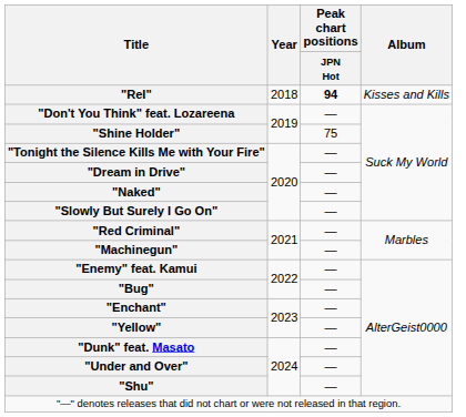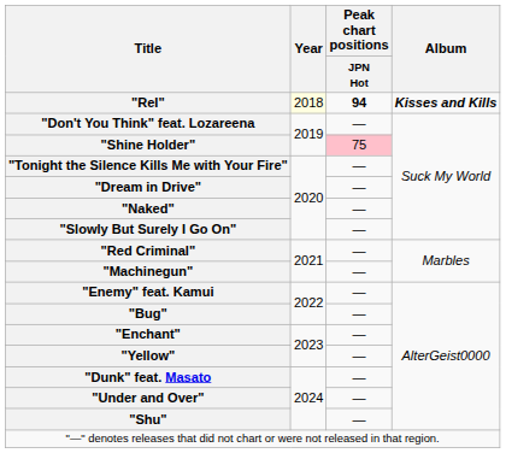 <table class="wikitable plainrowheaders" style="text-align:center;">
 <tr>
 <th scope="col" rowspan="2">Title</th>
 <th scope="col" rowspan="2">Year</th>
 <th scope="col" colspan="1">Peak <br> chart <br> positions</th>
 <th scope="col" rowspan="2">Album</th>
 </tr>
 <tr>
 <th scope="col"><small>JPN<br>Hot</small><br></th>
 </tr>
 <tr>
 <th scope="row">"ReI"</th>
-<td>2018</td>
+<td style="background: lightyellow;">2018</td>
 <td><strong>94</strong></td>
-<td><em>Kisses and Kills</em></td>
+<td><strong><em>Kisses and Kills</em></strong></td>
 </tr>
 <tr>
 <th scope="row">"Don't You Think" feat. Lozareena</th>
 <td rowspan="2">2019</td>
 <td>—</td>
 <td rowspan="6"><em>Suck My World</em></td>
 </tr>
 <tr>
 <th scope="row">"Shine Holder"</th>
-<td>75</td>
+<td style="background: pink;">75</td>
 </tr>
 <tr>
 <th scope="row">"Tonight the Silence Kills Me with Your Fire"</th>
 <td rowspan="4">2020</td>
 <td>—</td>
 </tr>
 <tr>
 <th scope="row">"Dream in Drive"</th>
 <td>—</td>
 </tr>
 <tr>
 <th scope="row">"Naked"</th>
 <td>—</td>
 </tr>
 <tr>
 <th scope="row">"Slowly But Surely I Go On"</th>
 <td>—</td>
 </tr>
 <tr>
 <th scope="row">"Red Criminal"</th>
 <td rowspan="2">2021</td>
 <td>—</td>
 <td rowspan="2"><em>Marbles</em></td>
 </tr>
 <tr>
 <th scope="row">"Machinegun"</th>
 <td>—</td>
 </tr>
 <tr>
 <th scope="row">"Enemy" feat. Kamui</th>
 <td rowspan="2">2022</td>
 <td>—</td>
 <td rowspan="7"><em>AlterGeist0000</em></td>
 </tr>
 <tr>
 <th scope="row">"Bug"</th>
 <td>—</td>
 </tr>
 <tr>
 <th scope="row">"Enchant"</th>
 <td rowspan="2">2023</td>
 <td>—</td>
 </tr>
 <tr>
 <th scope="row">"Yellow"</th>
 <td>—</td>
 </tr>
 <tr>
 <th scope="row">"Dunk" feat. <a href='#'>Masato</a></th>
 <td rowspan="3">2024</td>
 <td>—</td>
 </tr>
 <tr>
 <th scope="row">"Under and Over"</th>
 <td>—</td>
 </tr>
 <tr>
 <th scope="row">"Shu"</th>
 <td>—</td>
 </tr>
 <tr>
 <td colspan="4" style="font-size:85%">"—" denotes releases that did not chart or were not released in that region.</td>
 </tr>
 </table>
